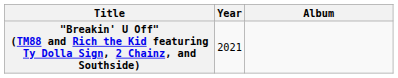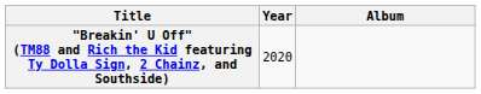 <table class="wikitable plainrowheaders" style="text-align:center;">
 <tr>
 <th scope="col" rowspan="1" style="width:20em;">Title</th>
 <th scope="col" rowspan="1" style="width:2em;">Year</th>
 <th scope="col" rowspan="1" style="width:14em;">Album</th>
 </tr>
 <tr>
 <th scope="row">"Breakin' U Off"<br><span>(<a href='#'>TM88</a> and <a href='#'>Rich the Kid</a> featuring <a href='#'>Ty Dolla Sign</a>, <a href='#'>2 Chainz</a>, and Southside)</span></th>
-<td>2021</td>
+<td>2020</td>
 <td></td>
 </tr>
 </table>
